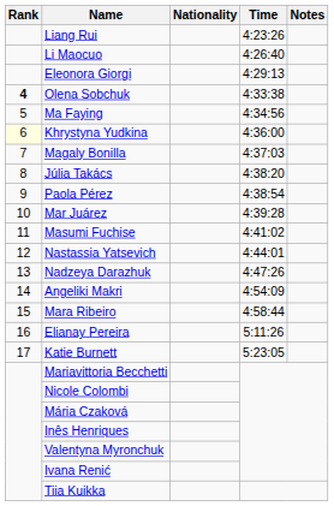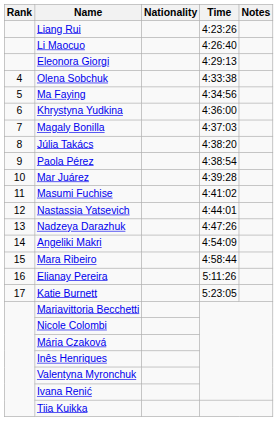 <table class="wikitable sortable" style="text-align:center">
 <tr>
 <th>Rank</th>
 <th>Name</th>
 <th>Nationality</th>
 <th>Time</th>
 <th>Notes</th>
 </tr>
 <tr>
 <td></td>
 <td align=left><a href='#'>Liang Rui</a></td>
 <td align=left></td>
 <td>4:23:26</td>
 <td></td>
 </tr>
 <tr>
 <td></td>
 <td align=left><a href='#'>Li Maocuo</a></td>
 <td align=left></td>
 <td>4:26:40</td>
 <td></td>
 </tr>
 <tr>
 <td></td>
 <td align=left><a href='#'>Eleonora Giorgi</a></td>
 <td align=left></td>
 <td>4:29:13</td>
 <td></td>
 </tr>
 <tr>
-<td><strong>4</strong></td>
+<td>4</td>
 <td align=left><a href='#'>Olena Sobchuk</a></td>
 <td align=left></td>
 <td>4:33:38</td>
 <td></td>
 </tr>
 <tr>
 <td>5</td>
 <td align=left><a href='#'>Ma Faying</a></td>
 <td align=left></td>
 <td>4:34:56</td>
 <td></td>
 </tr>
 <tr>
-<td style="background: lightyellow;">6</td>
+<td>6</td>
 <td align=left><a href='#'>Khrystyna Yudkina</a></td>
 <td align=left></td>
 <td>4:36:00</td>
 <td></td>
 </tr>
 <tr>
 <td>7</td>
 <td align=left><a href='#'>Magaly Bonilla</a></td>
 <td align=left></td>
 <td>4:37:03</td>
 <td></td>
 </tr>
 <tr>
 <td>8</td>
 <td align=left><a href='#'>Júlia Takács</a></td>
 <td align=left></td>
 <td>4:38:20</td>
 <td></td>
 </tr>
 <tr>
 <td>9</td>
 <td align=left><a href='#'>Paola Pérez</a></td>
 <td align=left></td>
 <td>4:38:54</td>
 <td></td>
 </tr>
 <tr>
 <td>10</td>
 <td align=left><a href='#'>Mar Juárez</a></td>
 <td align=left></td>
 <td>4:39:28</td>
 <td></td>
 </tr>
 <tr>
 <td>11</td>
 <td align=left><a href='#'>Masumi Fuchise</a></td>
 <td align=left></td>
 <td>4:41:02</td>
 <td></td>
 </tr>
 <tr>
 <td>12</td>
 <td align=left><a href='#'>Nastassia Yatsevich</a></td>
 <td align=left></td>
 <td>4:44:01</td>
 <td></td>
 </tr>
 <tr>
 <td>13</td>
 <td align=left><a href='#'>Nadzeya Darazhuk</a></td>
 <td align=left></td>
 <td>4:47:26</td>
 <td></td>
 </tr>
 <tr>
 <td>14</td>
 <td align=left><a href='#'>Angeliki Makri</a></td>
 <td align=left></td>
 <td>4:54:09</td>
 <td></td>
 </tr>
 <tr>
 <td>15</td>
 <td align=left><a href='#'>Mara Ribeiro</a></td>
 <td align=left></td>
 <td>4:58:44</td>
 <td></td>
 </tr>
 <tr>
 <td>16</td>
 <td align=left><a href='#'>Elianay Pereira</a></td>
 <td align=left></td>
 <td>5:11:26</td>
 <td></td>
 </tr>
 <tr>
 <td>17</td>
 <td align=left><a href='#'>Katie Burnett</a></td>
 <td align=left></td>
 <td>5:23:05</td>
 <td></td>
 </tr>
 <tr>
 <td rowspan=7></td>
 <td align=left><a href='#'>Mariavittoria Becchetti</a></td>
 <td align=left></td>
 <td rowspan=6 colspan=2></td>
 </tr>
 <tr>
 <td align=left><a href='#'>Nicole Colombi</a></td>
 <td align=left></td>
 </tr>
 <tr>
 <td align=left><a href='#'>Mária Czaková</a></td>
 <td align=left></td>
 </tr>
 <tr>
 <td align=left><a href='#'>Inês Henriques</a></td>
 <td align=left></td>
 </tr>
 <tr>
 <td align=left><a href='#'>Valentyna Myronchuk</a></td>
 <td align=left></td>
 </tr>
 <tr>
 <td align=left><a href='#'>Ivana Renić</a></td>
 <td align=left></td>
 </tr>
 <tr>
 <td align=left><a href='#'>Tiia Kuikka</a></td>
 <td align=left></td>
 <td colspan=2></td>
 </tr>
 </table>
